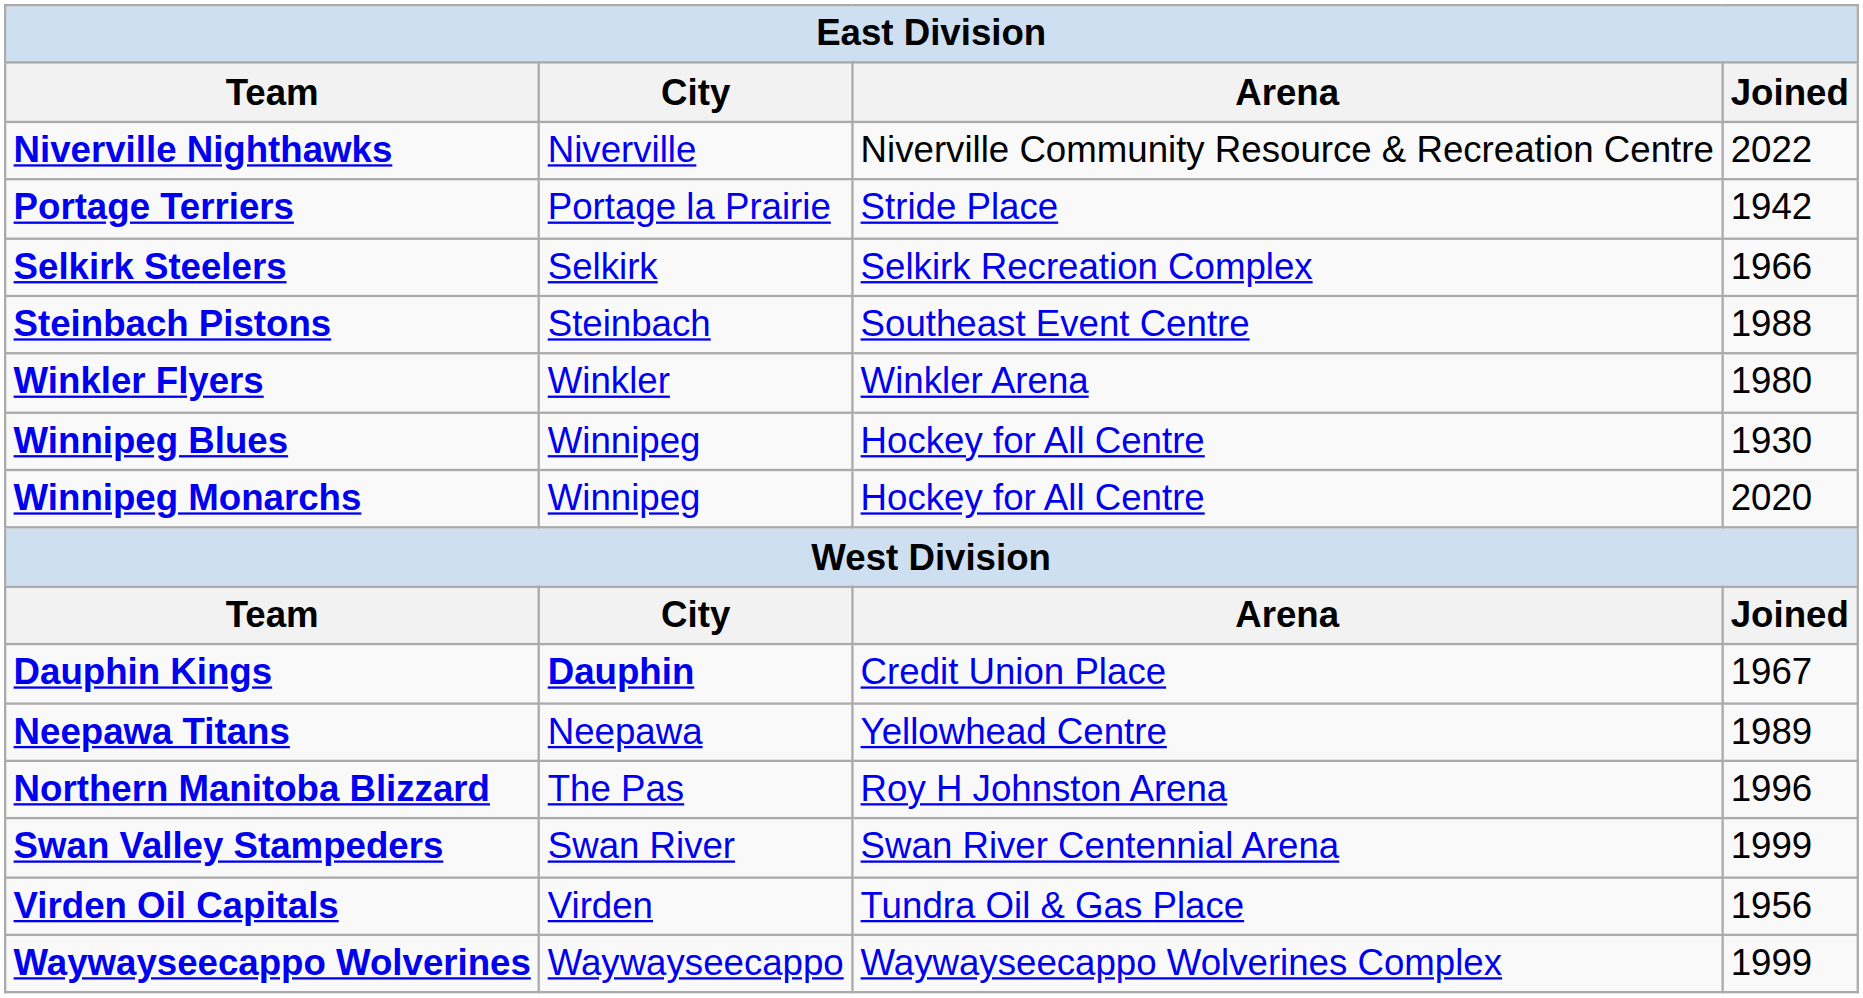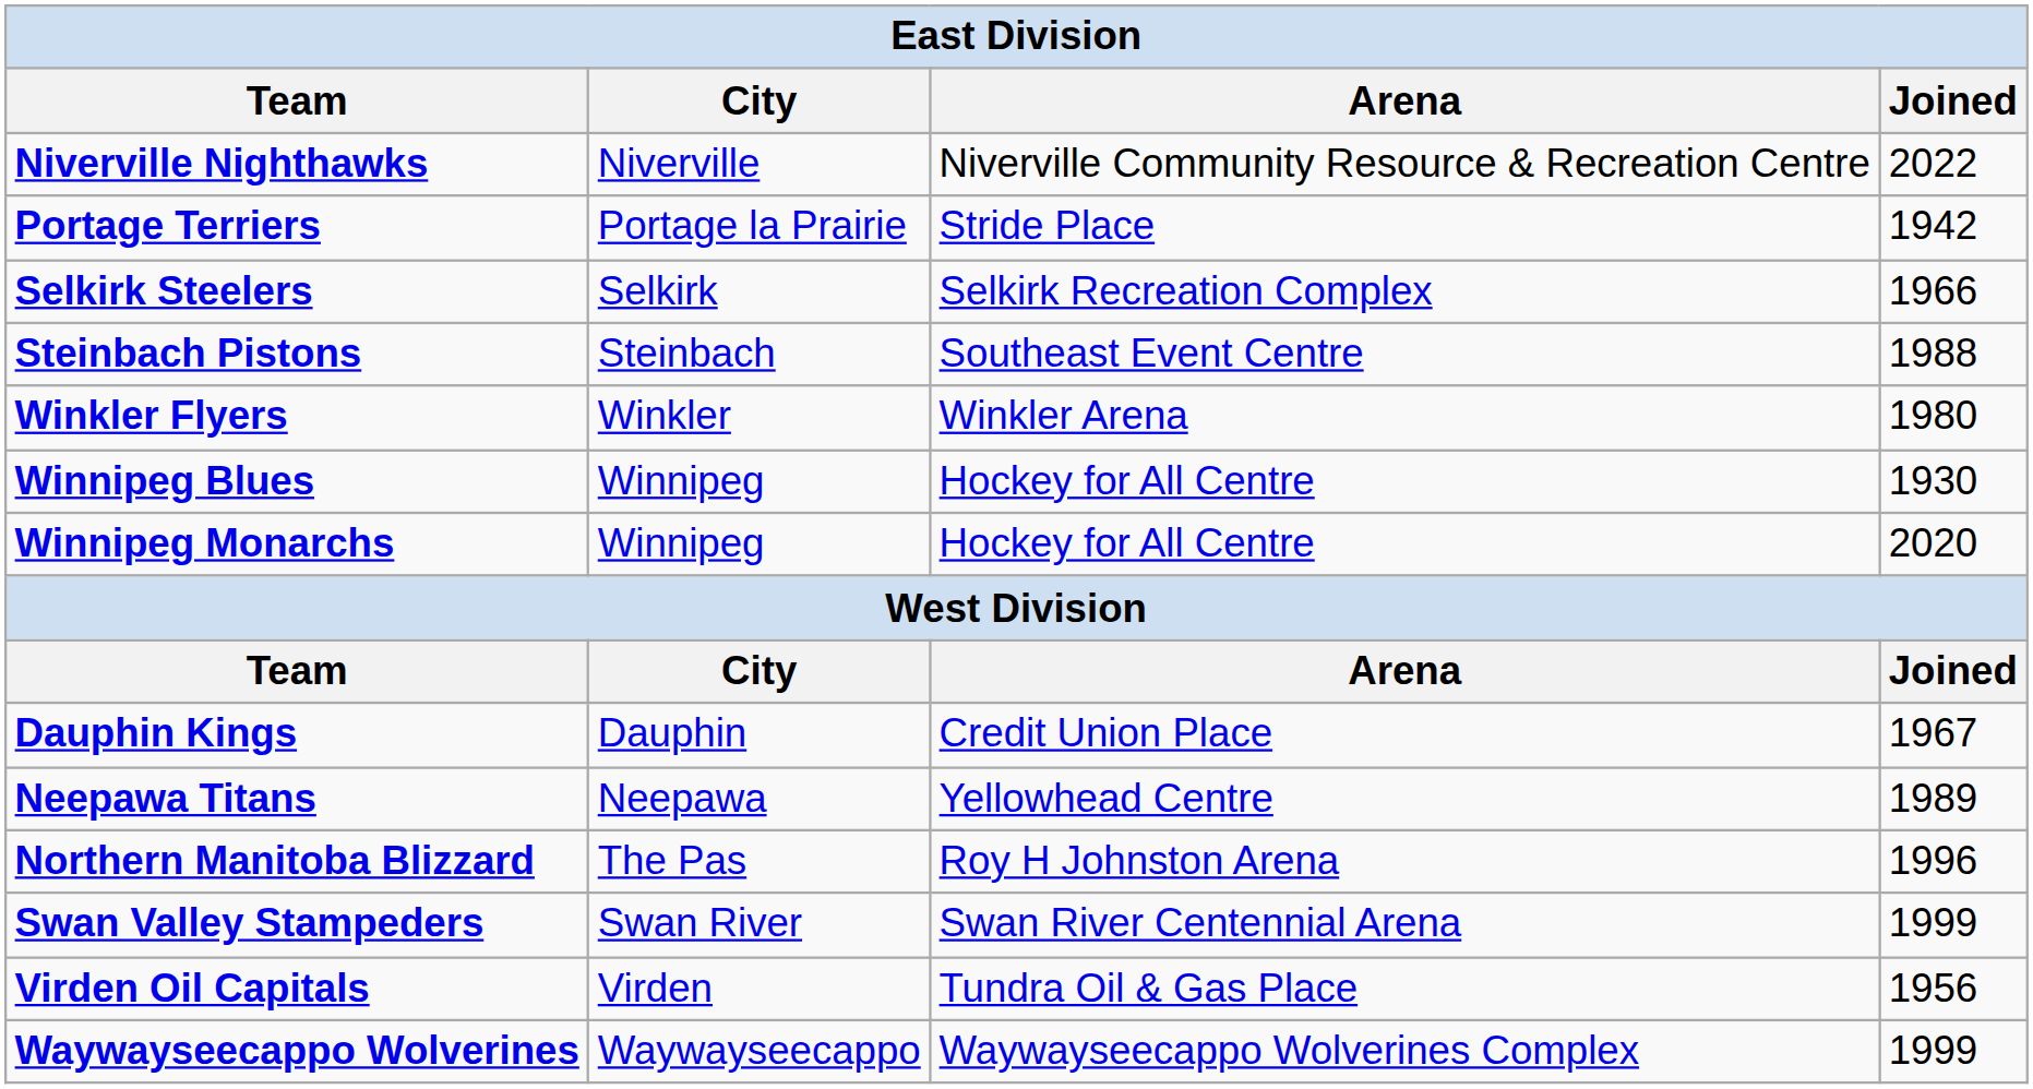 <table class="wikitable">
 <tr align="center"  bgcolor="#cedff2">
 <td colspan="4"><strong>East Division</strong></td>
 </tr>
 <tr>
 <th>Team</th>
 <th>City</th>
 <th>Arena</th>
 <th>Joined</th>
 </tr>
 <tr>
 <td><strong><a href='#'>Niverville Nighthawks</a></strong></td>
 <td><a href='#'>Niverville</a></td>
 <td>Niverville Community Resource & Recreation Centre</td>
 <td>2022</td>
 </tr>
 <tr>
 <td><strong><a href='#'>Portage Terriers</a></strong></td>
 <td><a href='#'>Portage la Prairie</a></td>
 <td><a href='#'>Stride Place</a></td>
 <td>1942</td>
 </tr>
 <tr>
 <td><strong><a href='#'>Selkirk Steelers</a></strong></td>
 <td><a href='#'>Selkirk</a></td>
 <td><a href='#'>Selkirk Recreation Complex</a></td>
 <td>1966</td>
 </tr>
 <tr>
 <td><strong><a href='#'>Steinbach Pistons</a></strong></td>
 <td><a href='#'>Steinbach</a></td>
 <td><a href='#'>Southeast Event Centre</a></td>
 <td>1988</td>
 </tr>
 <tr>
 <td><strong><a href='#'>Winkler Flyers</a></strong></td>
 <td><a href='#'>Winkler</a></td>
 <td><a href='#'>Winkler Arena</a></td>
 <td>1980</td>
 </tr>
 <tr>
 <td><strong><a href='#'>Winnipeg Blues</a></strong></td>
 <td><a href='#'>Winnipeg</a></td>
 <td><a href='#'>Hockey for All Centre</a></td>
 <td>1930</td>
 </tr>
 <tr>
 <td><strong><a href='#'>Winnipeg Monarchs</a></strong></td>
 <td><a href='#'>Winnipeg</a></td>
 <td><a href='#'>Hockey for All Centre</a></td>
 <td>2020</td>
 </tr>
 <tr align="center"  bgcolor="#cedff2">
 <td colspan="4"><strong>West Division</strong></td>
 </tr>
 <tr>
 <th>Team</th>
 <th>City</th>
 <th>Arena</th>
 <th>Joined</th>
 </tr>
 <tr>
 <td><strong><a href='#'>Dauphin Kings</a></strong></td>
-<td><strong><a href='#'>Dauphin</a></strong></td>
+<td><a href='#'>Dauphin</a></td>
 <td><a href='#'>Credit Union Place</a></td>
 <td>1967</td>
 </tr>
 <tr>
 <td><strong><a href='#'>Neepawa Titans</a></strong></td>
 <td><a href='#'>Neepawa</a></td>
 <td><a href='#'>Yellowhead Centre</a></td>
 <td>1989</td>
 </tr>
 <tr>
 <td><strong><a href='#'>Northern Manitoba Blizzard</a></strong></td>
 <td><a href='#'>The Pas</a></td>
 <td><a href='#'>Roy H Johnston Arena</a></td>
 <td>1996</td>
 </tr>
 <tr>
 <td><strong><a href='#'>Swan Valley Stampeders</a></strong></td>
 <td><a href='#'>Swan River</a></td>
 <td><a href='#'>Swan River Centennial Arena</a></td>
 <td>1999</td>
 </tr>
 <tr>
 <td><strong><a href='#'>Virden Oil Capitals</a></strong></td>
 <td><a href='#'>Virden</a></td>
 <td><a href='#'>Tundra Oil & Gas Place</a></td>
 <td>1956</td>
 </tr>
 <tr>
 <td><strong><a href='#'>Waywayseecappo Wolverines</a></strong></td>
 <td><a href='#'>Waywayseecappo</a></td>
 <td><a href='#'>Waywayseecappo Wolverines Complex</a></td>
 <td>1999</td>
 </tr>
 </table>
